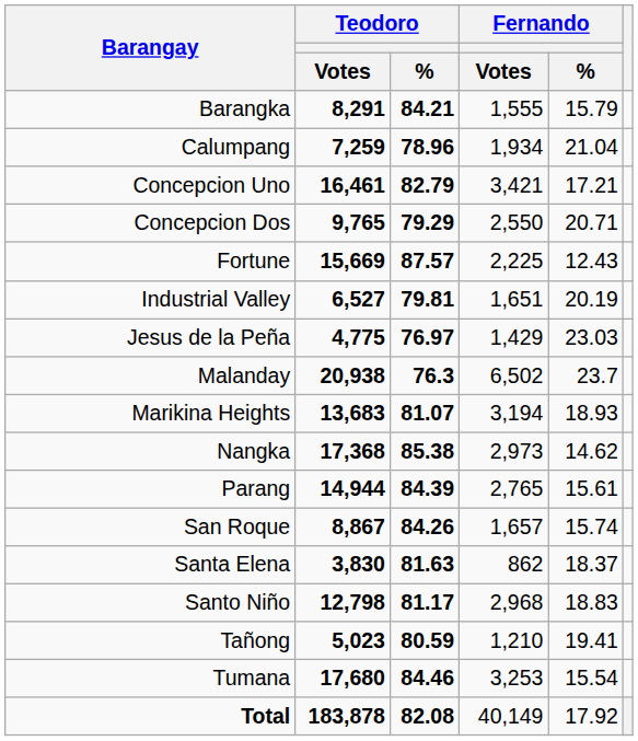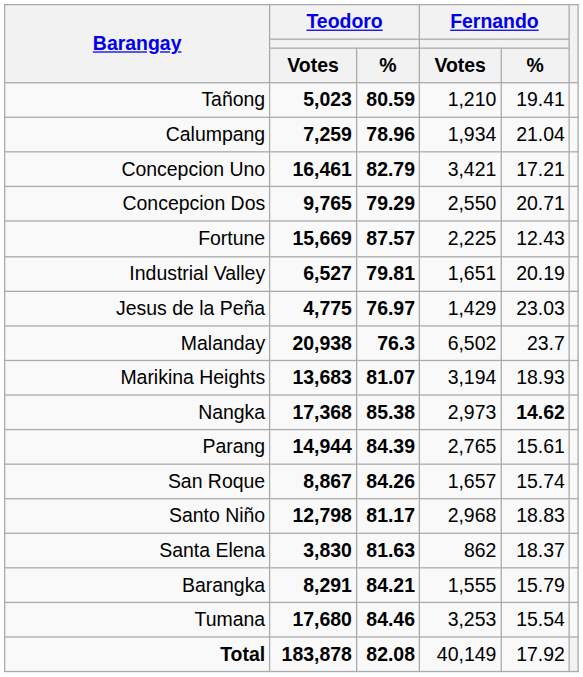 <table class="wikitable collapsible collapsed" style="text-align:right; font-size:95%; line-height:20px;">
 <tr>
 <th rowspan="3" width="200"><a href='#'>Barangay</a></th>
 <th colspan="2" width="110"><a href='#'>Teodoro</a></th>
 <th colspan="2" width="110"><a href='#'>Fernando</a></th>
 <th rowspan="3"></th>
 </tr>
 <tr>
 <th colspan="2" style="background:"></th>
 <th colspan="2" style="background:"></th>
 </tr>
 <tr>
 <th>Votes</th>
 <th>%</th>
 <th>Votes</th>
 <th>%</th>
 </tr>
 <tr>
-<td>Barangka</td>
-<td style="background:#"><strong>8,291</strong></td>
-<td style="background:#"><strong>84.21</strong></td>
-<td>1,555</td>
-<td>15.79</td>
+<td>Tañong</td>
+<td style="background:#"><strong>5,023</strong></td>
+<td style="background:#"><strong>80.59</strong></td>
+<td>1,210</td>
+<td>19.41</td>
 <td></td>
 </tr>
 <tr>
 <td>Calumpang</td>
 <td style="background:#"><strong>7,259</strong></td>
 <td style="background:#"><strong>78.96</strong></td>
 <td>1,934</td>
 <td>21.04</td>
 <td></td>
 </tr>
 <tr>
 <td>Concepcion Uno</td>
 <td style="background:#"><strong>16,461</strong></td>
 <td style="background:#"><strong>82.79</strong></td>
 <td>3,421</td>
 <td>17.21</td>
 <td></td>
 </tr>
 <tr>
 <td>Concepcion Dos</td>
 <td style="background:#"><strong>9,765</strong></td>
 <td style="background:#"><strong>79.29</strong></td>
 <td>2,550</td>
 <td>20.71</td>
 <td></td>
 </tr>
 <tr>
 <td>Fortune</td>
 <td style="background:#"><strong>15,669</strong></td>
 <td style="background:#"><strong>87.57</strong></td>
 <td>2,225</td>
 <td>12.43</td>
 <td></td>
 </tr>
 <tr>
 <td>Industrial Valley</td>
 <td style="background:#"><strong>6,527</strong></td>
 <td style="background:#"><strong>79.81</strong></td>
 <td>1,651</td>
 <td>20.19</td>
 <td></td>
 </tr>
 <tr>
 <td>Jesus de la Peña</td>
 <td style="background:#"><strong>4,775</strong></td>
 <td style="background:#"><strong>76.97</strong></td>
 <td>1,429</td>
 <td>23.03</td>
 <td></td>
 </tr>
 <tr>
 <td>Malanday</td>
 <td style="background:#"><strong>20,938</strong></td>
 <td style="background:#"><strong>76.3</strong></td>
 <td>6,502</td>
 <td>23.7</td>
 <td></td>
 </tr>
 <tr>
 <td>Marikina Heights</td>
 <td style="background:#"><strong>13,683</strong></td>
 <td style="background:#"><strong>81.07</strong></td>
 <td>3,194</td>
 <td>18.93</td>
 <td></td>
 </tr>
 <tr>
 <td>Nangka</td>
 <td style="background:#"><strong>17,368</strong></td>
 <td style="background:#"><strong>85.38</strong></td>
 <td>2,973</td>
-<td>14.62</td>
+<td><strong>14.62</strong></td>
 <td></td>
 </tr>
 <tr>
 <td>Parang</td>
 <td style="background:#"><strong>14,944</strong></td>
 <td style="background:#"><strong>84.39</strong></td>
 <td>2,765</td>
 <td>15.61</td>
 <td></td>
 </tr>
 <tr>
 <td>San Roque</td>
 <td style="background:#"><strong>8,867</strong></td>
 <td style="background:#"><strong>84.26</strong></td>
 <td>1,657</td>
 <td>15.74</td>
 <td></td>
 </tr>
 <tr>
+<td>Santo Niño</td>
+<td style="background:#"><strong>12,798</strong></td>
+<td style="background:#"><strong>81.17</strong></td>
+<td>2,968</td>
+<td>18.83</td>
+<td></td>
+</tr>
+<tr>
 <td>Santa Elena</td>
 <td style="background:#"><strong>3,830</strong></td>
 <td style="background:#"><strong>81.63</strong></td>
 <td>862</td>
 <td>18.37</td>
 <td></td>
 </tr>
 <tr>
-<td>Santo Niño</td>
-<td style="background:#"><strong>12,798</strong></td>
-<td style="background:#"><strong>81.17</strong></td>
-<td>2,968</td>
-<td>18.83</td>
-<td></td>
-</tr>
-<tr>
-<td>Tañong</td>
-<td style="background:#"><strong>5,023</strong></td>
-<td style="background:#"><strong>80.59</strong></td>
-<td>1,210</td>
-<td>19.41</td>
+<td>Barangka</td>
+<td style="background:#"><strong>8,291</strong></td>
+<td style="background:#"><strong>84.21</strong></td>
+<td>1,555</td>
+<td>15.79</td>
 <td></td>
 </tr>
 <tr>
 <td>Tumana</td>
 <td style="background:#"><strong>17,680</strong></td>
 <td style="background:#"><strong>84.46</strong></td>
 <td>3,253</td>
 <td>15.54</td>
 <td></td>
 </tr>
 <tr>
 <td><strong>Total</strong></td>
 <td style="background:#"><strong>183,878</strong></td>
 <td style="background:#"><strong>82.08</strong></td>
 <td>40,149</td>
 <td>17.92</td>
 <th></th>
 </tr>
 </table>
